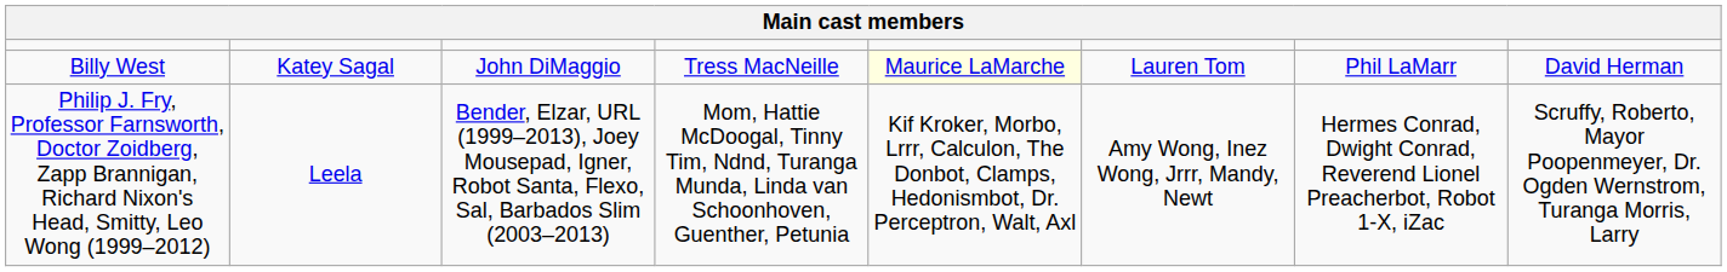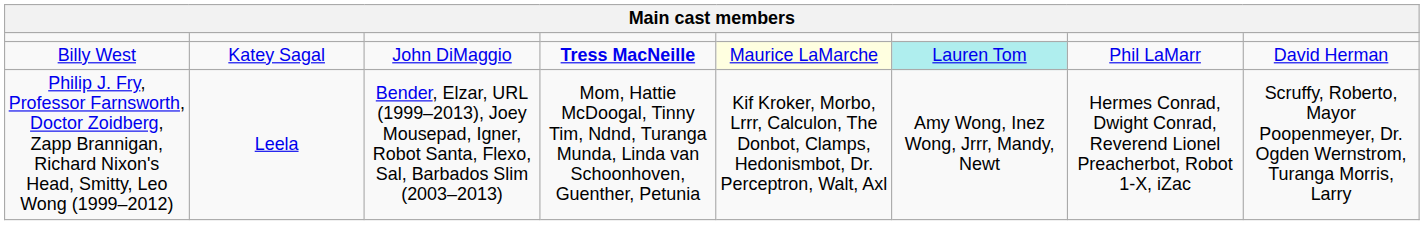 <table class="wikitable" style="width:100%; text-align:center;">
 <tr>
 <th colspan=9>Main cast members</th>
 </tr>
 <tr>
 <td align=center></td>
 <td align=center></td>
 <td align=center></td>
 <td align=center></td>
 <td align=center></td>
 <td align=center></td>
 <td align=center></td>
 <td align=center></td>
 </tr>
 <tr>
 <td style="width:12.5%;"><a href='#'>Billy West</a></td>
 <td style="width:12.5%;"><a href='#'>Katey Sagal</a></td>
 <td style="width:12.5%;"><a href='#'>John DiMaggio</a></td>
-<td style="width:12.5%;"><a href='#'>Tress MacNeille</a></td>
+<td style="width:12.5%;"><strong><a href='#'>Tress MacNeille</a></strong></td>
 <td style="background: lightyellow; width:12.5%;"><a href='#'>Maurice LaMarche</a></td>
-<td style="width:12.5%;"><a href='#'>Lauren Tom</a></td>
+<td style="background: paleturquoise; width:12.5%;"><a href='#'>Lauren Tom</a></td>
 <td style="width:12.5%;"><a href='#'>Phil LaMarr</a></td>
 <td style="width:12.5%;"><a href='#'>David Herman</a></td>
 </tr>
 <tr>
 <td style="width:12.5%;"><a href='#'>Philip J. Fry</a>,<br><a href='#'>Professor Farnsworth</a>,<br><a href='#'>Doctor Zoidberg</a>,<br>Zapp Brannigan, Richard Nixon's Head, Smitty, Leo Wong (1999–2012)</td>
 <td style="width:12.5%;"><a href='#'>Leela</a></td>
 <td style="width:12.5%;"><a href='#'>Bender</a>, Elzar, URL (1999–2013), Joey Mousepad, Igner, Robot Santa, Flexo, Sal, Barbados Slim (2003–2013)</td>
 <td style="width:12.5%;">Mom, Hattie McDoogal, Tinny Tim, Ndnd, Turanga Munda, Linda van Schoonhoven, Guenther, Petunia</td>
 <td style="width:12.5%;">Kif Kroker, Morbo, Lrrr, Calculon, The Donbot, Clamps, Hedonismbot, Dr. Perceptron, Walt, Axl</td>
 <td style="width:12.5%;">Amy Wong, Inez Wong, Jrrr, Mandy, Newt</td>
 <td style="width:12.5%;">Hermes Conrad, Dwight Conrad, Reverend Lionel Preacherbot, Robot 1-X, iZac</td>
 <td style="width:12.5%;">Scruffy, Roberto, Mayor Poopenmeyer, Dr. Ogden Wernstrom, Turanga Morris, Larry</td>
 </tr>
 </table>
